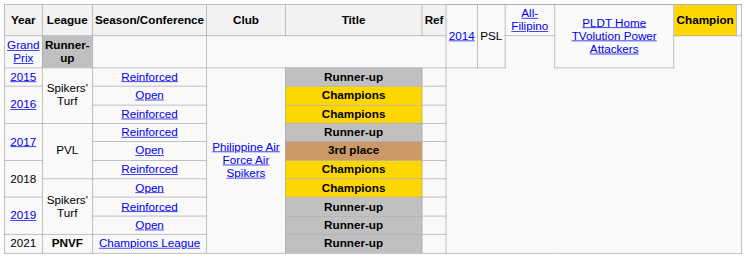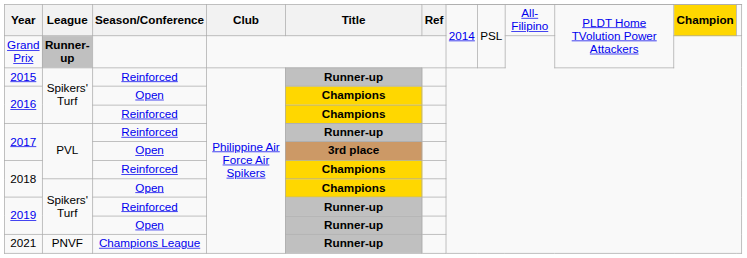 <table class="wikitable sortable" style="text-align:center" width="80%">
 <tr>
 <th style="width:5px;" rowspan="2">Year</th>
 <th style="width:25px;" rowspan="2">League</th>
 <th style="width:100px;" rowspan="2">Season/Conference</th>
 <th style="width:100px;" rowspan="2">Club</th>
 <th style="width:180px;" rowspan="2">Title</th>
 <th style="width:25px;" rowspan="2">Ref</th>
 </tr>
 <tr align=center>
 <td rowspan=2><a href='#'>2014</a></td>
 <td rowspan=2>PSL</td>
 <td><a href='#'>All-Filipino</a></td>
 <td rowspan=2><a href='#'>PLDT Home TVolution Power Attackers</a></td>
 <td style="background:gold;"><strong>Champion</strong></td>
 <td></td>
 </tr>
 <tr align=center>
 <td><a href='#'>Grand Prix</a></td>
 <td style="background:silver;"><strong>Runner-up</strong></td>
 <td></td>
 </tr>
 <tr align=center>
 <td rowspan=1><a href='#'>2015</a></td>
 <td rowspan=3>Spikers' Turf</td>
 <td><a href='#'>Reinforced</a></td>
 <td rowspan=10><a href='#'>Philippine Air Force Air Spikers</a></td>
 <td style="background:silver;"><strong>Runner-up</strong></td>
 <td></td>
 </tr>
 <tr align=center>
 <td rowspan=2><a href='#'>2016</a></td>
 <td><a href='#'>Open</a></td>
 <td style="background:gold;"><strong>Champions</strong></td>
 <td></td>
 </tr>
 <tr align=center>
 <td><a href='#'>Reinforced</a></td>
 <td style="background:gold;"><strong>Champions</strong></td>
 <td></td>
 </tr>
 <tr align=center>
 <td rowspan=2><a href='#'>2017</a></td>
 <td rowspan=3>PVL</td>
 <td><a href='#'>Reinforced</a></td>
 <td style="background:silver"><strong>Runner-up</strong></td>
 <td></td>
 </tr>
 <tr align=center>
 <td><a href='#'>Open</a></td>
 <td style="background:#cc9966;"><strong>3rd place</strong></td>
 <td></td>
 </tr>
 <tr align=center>
 <td rowspan=2>2018</td>
 <td><a href='#'>Reinforced</a></td>
 <td style="background:gold"><strong>Champions</strong></td>
 <td></td>
 </tr>
 <tr align=center>
 <td rowspan=3>Spikers' Turf</td>
 <td><a href='#'>Open</a></td>
 <td style="background:gold"><strong>Champions</strong></td>
 <td></td>
 </tr>
 <tr align=center>
 <td rowspan=2><a href='#'>2019</a></td>
 <td><a href='#'>Reinforced</a></td>
 <td style="background:silver"><strong>Runner-up</strong></td>
 <td></td>
 </tr>
 <tr align=center>
 <td><a href='#'>Open</a></td>
 <td style="background:silver"><strong>Runner-up</strong></td>
 <td></td>
 </tr>
 <tr align=center>
 <td>2021</td>
-<td><strong>PNVF</strong></td>
+<td>PNVF</td>
 <td><a href='#'>Champions League</a></td>
 <td style="background:silver"><strong>Runner-up</strong></td>
 <td></td>
 </tr>
 </table>
